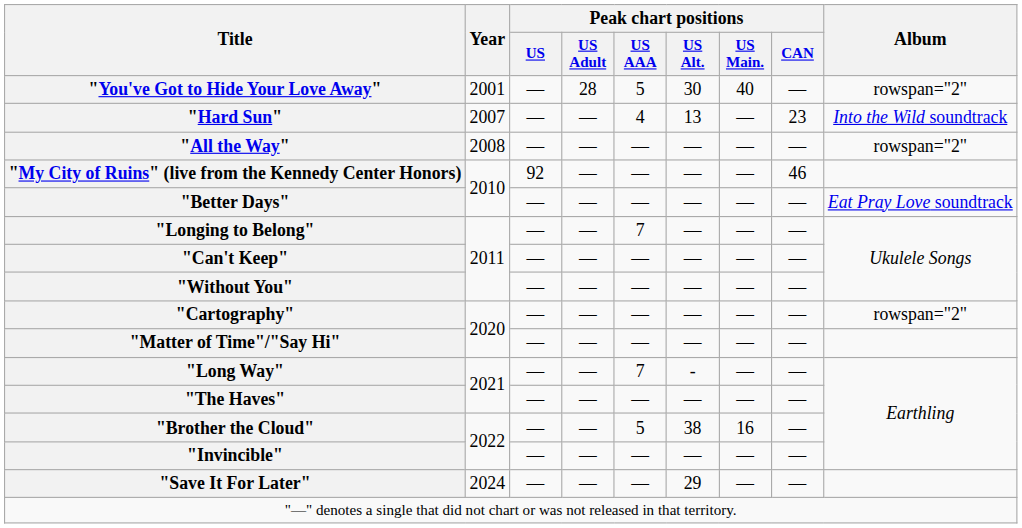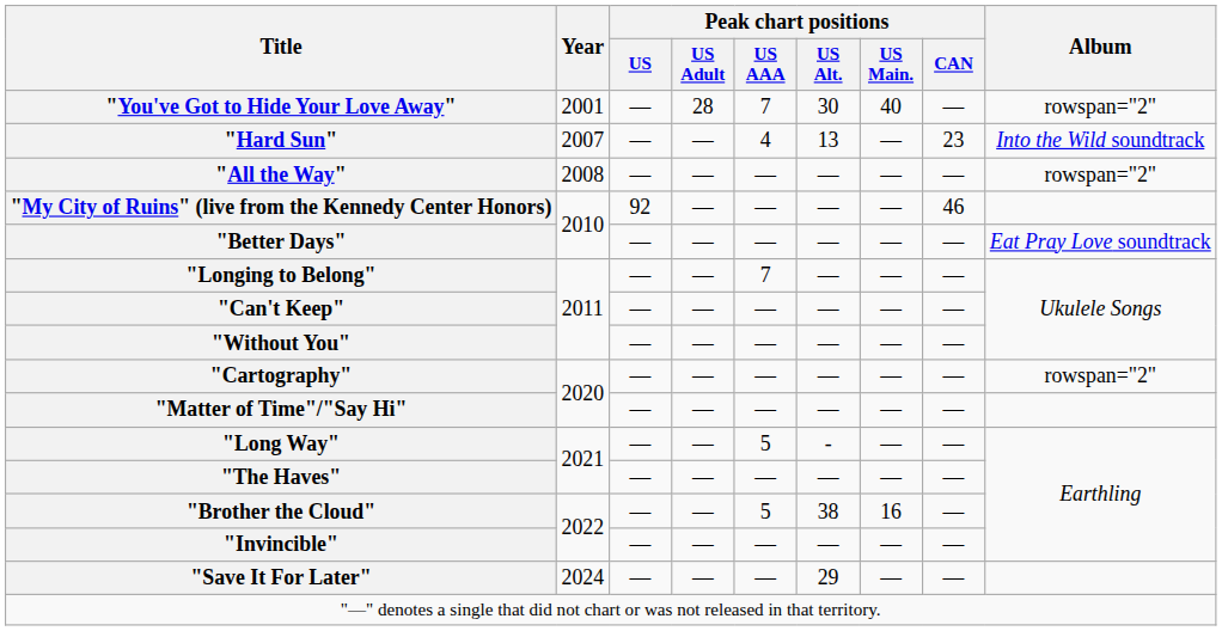 <table class="wikitable plainrowheaders" style="text-align:center;">
 <tr>
 <th scope="col" rowspan="2">Title</th>
 <th scope="col" rowspan="2">Year</th>
 <th scope="col" colspan="6">Peak chart positions</th>
 <th scope="col" rowspan="2">Album</th>
 </tr>
 <tr>
 <th style="width:3em;font-size:85%"><a href='#'>US</a> <br></th>
 <th style="width:3em;font-size:85%"><a href='#'>US<br>Adult</a><br></th>
 <th style="width:3em;font-size:85%"><a href='#'>US<br>AAA</a><br></th>
 <th style="width:3em;font-size:85%"><a href='#'>US<br>Alt.</a><br></th>
 <th style="width:3em;font-size:85%"><a href='#'>US<br>Main.</a><br></th>
 <th style="width:3em;font-size:85%"><a href='#'>CAN</a><br></th>
 </tr>
 <tr>
 <th scope="row">"<a href='#'>You've Got to Hide Your Love Away</a>"</th>
 <td style="text-align:center;">2001</td>
 <td style="text-align:center;">—</td>
 <td style="text-align:center;">28</td>
-<td style="text-align:center;">5</td>
+<td style="text-align:center;">7</td>
 <td style="text-align:center;">30</td>
 <td style="text-align:center;">40</td>
 <td style="text-align:center;">—</td>
 <td>rowspan="2" </td>
 </tr>
 <tr>
 <th scope="row">"<a href='#'>Hard Sun</a>"</th>
 <td style="text-align:center;">2007</td>
 <td style="text-align:center;">—</td>
 <td style="text-align:center;">—</td>
 <td style="text-align:center;">4</td>
 <td style="text-align:center;">13</td>
 <td style="text-align:center;">—</td>
 <td style="text-align:center;">23</td>
 <td><a href='#'><em>Into the Wild</em> soundtrack</a></td>
 </tr>
 <tr>
 <th scope="row">"<a href='#'>All the Way</a>"</th>
 <td style="text-align:center;">2008</td>
 <td style="text-align:center;">—</td>
 <td style="text-align:center;">—</td>
 <td style="text-align:center;">—</td>
 <td style="text-align:center;">—</td>
 <td style="text-align:center;">—</td>
 <td style="text-align:center;">—</td>
 <td>rowspan="2" </td>
 </tr>
 <tr>
 <th scope="row">"<a href='#'>My City of Ruins</a>" (live from the Kennedy Center Honors)</th>
 <td rowspan="2" style="text-align:center;">2010</td>
 <td style="text-align:center;">92</td>
 <td style="text-align:center;">—</td>
 <td style="text-align:center;">—</td>
 <td style="text-align:center;">—</td>
 <td style="text-align:center;">—</td>
 <td style="text-align:center;">46</td>
 </tr>
 <tr>
 <th scope="row">"Better Days"</th>
 <td style="text-align:center;">—</td>
 <td style="text-align:center;">—</td>
 <td style="text-align:center;">—</td>
 <td style="text-align:center;">—</td>
 <td style="text-align:center;">—</td>
 <td style="text-align:center;">—</td>
 <td><a href='#'><em>Eat Pray Love</em> soundtrack</a></td>
 </tr>
 <tr>
 <th scope="row">"Longing to Belong"</th>
 <td rowspan="3" style="text-align:center;">2011</td>
 <td style="text-align:center;">—</td>
 <td style="text-align:center;">—</td>
 <td style="text-align:center;">7</td>
 <td style="text-align:center;">—</td>
 <td style="text-align:center;">—</td>
 <td style="text-align:center;">—</td>
 <td rowspan="3"><em>Ukulele Songs</em></td>
 </tr>
 <tr>
 <th scope="row">"Can't Keep"</th>
 <td style="text-align:center;">—</td>
 <td style="text-align:center;">—</td>
 <td style="text-align:center;">—</td>
 <td style="text-align:center;">—</td>
 <td style="text-align:center;">—</td>
 <td style="text-align:center;">—</td>
 </tr>
 <tr>
 <th scope="row">"Without You"</th>
 <td style="text-align:center;">—</td>
 <td style="text-align:center;">—</td>
 <td style="text-align:center;">—</td>
 <td style="text-align:center;">—</td>
 <td style="text-align:center;">—</td>
 <td style="text-align:center;">—</td>
 </tr>
 <tr>
 <th scope="row">"Cartography"</th>
 <td rowspan="2" style="text-align:center;">2020</td>
 <td style="text-align:center;">—</td>
 <td style="text-align:center;">—</td>
 <td style="text-align:center;">—</td>
 <td style="text-align:center;">—</td>
 <td style="text-align:center;">—</td>
 <td style="text-align:center;">—</td>
 <td>rowspan="2" </td>
 </tr>
 <tr>
 <th scope="row">"Matter of Time"/"Say Hi"</th>
 <td style="text-align:center;">—</td>
 <td style="text-align:center;">—</td>
 <td style="text-align:center;">—</td>
 <td style="text-align:center;">—</td>
 <td style="text-align:center;">—</td>
 <td style="text-align:center;">—</td>
 </tr>
 <tr>
 <th scope="row">"Long Way"</th>
 <td rowspan="2" style="text-align:center;">2021</td>
 <td style="text-align:center;">—</td>
 <td style="text-align:center;">—</td>
-<td style="text-align:center;">7</td>
+<td style="text-align:center;">5</td>
 <td style="text-align:center;">-</td>
 <td style="text-align:center;">—</td>
 <td style="text-align:center;">—</td>
 <td rowspan="4"><em>Earthling</em></td>
 </tr>
 <tr>
 <th scope="row">"The Haves"</th>
 <td style="text-align:center;">—</td>
 <td style="text-align:center;">—</td>
 <td style="text-align:center;">—</td>
 <td style="text-align:center;">—</td>
 <td style="text-align:center;">—</td>
 <td style="text-align:center;">—</td>
 </tr>
 <tr>
 <th scope="row">"Brother the Cloud"</th>
 <td rowspan="2" style="text-align:center;">2022</td>
 <td style="text-align:center;">—</td>
 <td style="text-align:center;">—</td>
 <td style="text-align:center;">5</td>
 <td style="text-align:center;">38</td>
 <td style="text-align:center;">16</td>
 <td style="text-align:center;">—</td>
 </tr>
 <tr>
 <th scope="row">"Invincible"</th>
 <td style="text-align:center;">—</td>
 <td style="text-align:center;">—</td>
 <td style="text-align:center;">—</td>
 <td style="text-align:center;">—</td>
 <td style="text-align:center;">—</td>
 <td style="text-align:center;">—</td>
 </tr>
 <tr>
 <th scope="row">"Save It For Later"</th>
 <td style="text-align:center;">2024</td>
 <td style="text-align:center;">—</td>
 <td style="text-align:center;">—</td>
 <td style="text-align:center;">—</td>
 <td style="text-align:center;">29</td>
 <td style="text-align:center;">—</td>
 <td style="text-align:center;">—</td>
 <td></td>
 </tr>
 <tr>
 <td colspan="9" style="font-size:85%">"—" denotes a single that did not chart or was not released in that territory.</td>
 </tr>
 </table>
